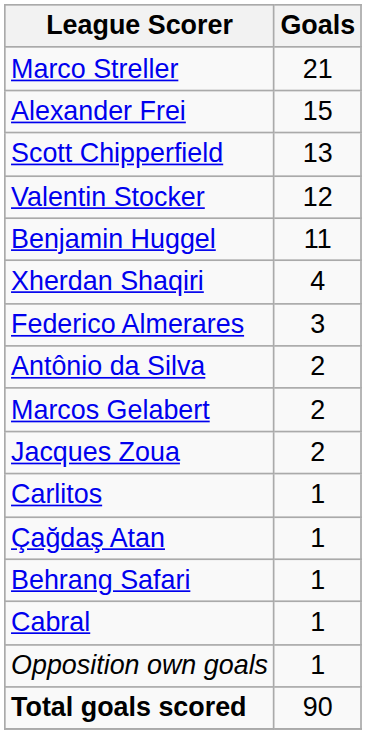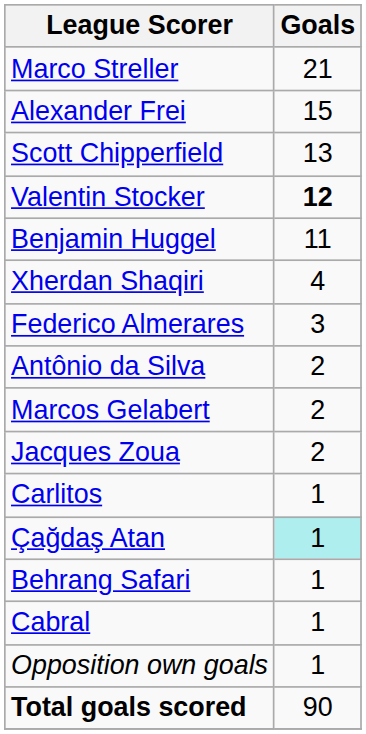 <table class="wikitable">
 <tr>
 <th>League Scorer</th>
 <th>Goals</th>
 </tr>
 <tr>
 <td> <a href='#'>Marco Streller</a></td>
 <td style="text-align:center;">21</td>
 </tr>
 <tr>
 <td> <a href='#'>Alexander Frei</a></td>
 <td style="text-align:center;">15</td>
 </tr>
 <tr>
 <td> <a href='#'>Scott Chipperfield</a></td>
 <td style="text-align:center;">13</td>
 </tr>
 <tr>
 <td> <a href='#'>Valentin Stocker</a></td>
-<td style="text-align:center;">12</td>
+<td style="text-align:center;"><strong>12</strong></td>
 </tr>
 <tr>
 <td> <a href='#'>Benjamin Huggel</a></td>
 <td style="text-align:center;">11</td>
 </tr>
 <tr>
 <td> <a href='#'>Xherdan Shaqiri</a></td>
 <td style="text-align:center;">4</td>
 </tr>
 <tr>
 <td> <a href='#'>Federico Almerares</a></td>
 <td style="text-align:center;">3</td>
 </tr>
 <tr>
 <td> <a href='#'>Antônio da Silva</a></td>
 <td style="text-align:center;">2</td>
 </tr>
 <tr>
 <td> <a href='#'>Marcos Gelabert</a></td>
 <td style="text-align:center;">2</td>
 </tr>
 <tr>
 <td> <a href='#'>Jacques Zoua</a></td>
 <td style="text-align:center;">2</td>
 </tr>
 <tr>
 <td> <a href='#'>Carlitos</a></td>
 <td style="text-align:center;">1</td>
 </tr>
 <tr>
 <td> <a href='#'>Çağdaş Atan</a></td>
-<td style="text-align:center;">1</td>
+<td style="background: paleturquoise; text-align:center;">1</td>
 </tr>
 <tr>
 <td> <a href='#'>Behrang Safari</a></td>
 <td style="text-align:center;">1</td>
 </tr>
 <tr>
 <td> <a href='#'>Cabral</a></td>
 <td style="text-align:center;">1</td>
 </tr>
 <tr>
 <td><em>Opposition own goals</em></td>
 <td style="text-align:center;">1</td>
 </tr>
 <tr>
 <td><strong>Total goals scored</strong></td>
 <td style="text-align:center;">90</td>
 </tr>
 <tr>
 </tr>
 </table>
